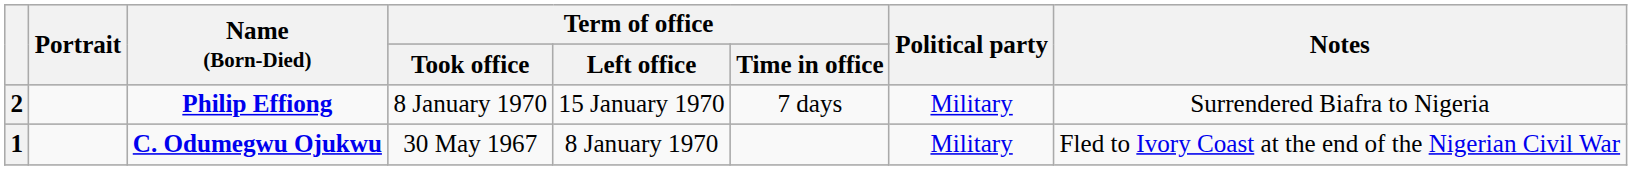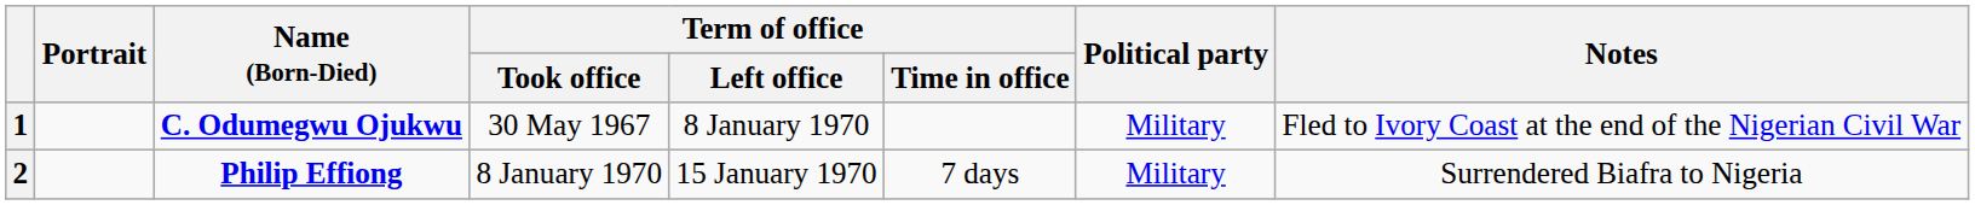 <table class="wikitable" style="text-align:center;">
 <tr>
 <th rowspan=2></th>
 <th rowspan=2>Portrait</th>
 <th rowspan=2>Name<br><small>(Born-Died)</small></th>
 <th colspan=3>Term of office</th>
 <th rowspan=2>Political party</th>
 <th rowspan=2>Notes</th>
 </tr>
 <tr>
 <th>Took office</th>
 <th>Left office</th>
 <th>Time in office</th>
 </tr>
 <tr>
+<th style="background:">1</th>
+<td></td>
+<td><strong><a href='#'>C. Odumegwu Ojukwu</a></strong><br></td>
+<td>30 May 1967</td>
+<td>8 January 1970</td>
+<td></td>
+<td><a href='#'>Military</a></td>
+<td>Fled to <a href='#'>Ivory Coast</a> at the end of the <a href='#'>Nigerian Civil War</a></td>
+</tr>
+<tr>
 <th style="background:">2</th>
 <td></td>
 <td><strong><a href='#'>Philip Effiong</a></strong><br></td>
 <td>8 January 1970</td>
 <td>15 January 1970</td>
 <td>7 days</td>
 <td><a href='#'>Military</a></td>
 <td>Surrendered Biafra to Nigeria</td>
 </tr>
-<tr>
-<th style="background:">1</th>
-<td></td>
-<td><strong><a href='#'>C. Odumegwu Ojukwu</a></strong><br></td>
-<td>30 May 1967</td>
-<td>8 January 1970</td>
-<td></td>
-<td><a href='#'>Military</a></td>
-<td>Fled to <a href='#'>Ivory Coast</a> at the end of the <a href='#'>Nigerian Civil War</a></td>
-</tr>
 </table>
